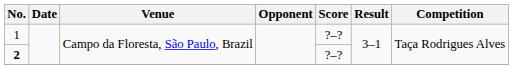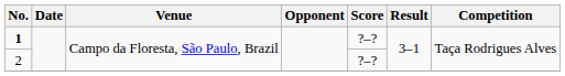 <table class="wikitable sortable">
 <tr>
 <th scope="col">No.</th>
 <th scope="col">Date</th>
 <th scope="col">Venue</th>
 <th scope="col">Opponent</th>
 <th scope="col">Score</th>
 <th scope="col">Result</th>
 <th scope="col">Competition</th>
 </tr>
 <tr>
-<td align="center">1</td>
+<td align="center"><strong>1</strong></td>
 <td rowspan="2"></td>
 <td rowspan="2">Campo da Floresta, <a href='#'>São Paulo</a>, Brazil</td>
 <td rowspan="2"></td>
 <td align="center">?–?</td>
 <td align="center" rowspan="2">3–1</td>
 <td rowspan="2">Taça Rodrigues Alves</td>
 </tr>
 <tr>
-<td align="center"><strong>2</strong></td>
+<td align="center">2</td>
 <td align=center>?–?</td>
 </tr>
 <tr>
 </tr>
 </table>
